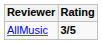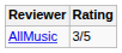 <table class="wikitable">
 <tr>
 <th>Reviewer</th>
 <th>Rating</th>
 </tr>
 <tr>
 <td><a href='#'>AllMusic</a></td>
-<td><strong>3/5</strong></td>
+<td>3/5</td>
 </tr>
 </table>
